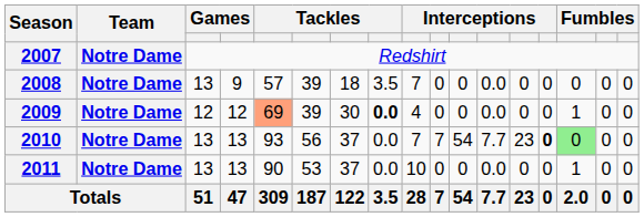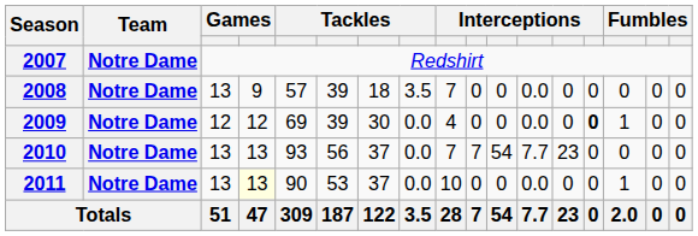 <table class="wikitable" style="text-align:center;">
 <tr>
 <th rowspan="2">Season</th>
 <th rowspan="2">Team</th>
 <th colspan="2">Games</th>
 <th colspan="4">Tackles</th>
 <th colspan="6">Interceptions</th>
 <th colspan="3">Fumbles</th>
 </tr>
 <tr>
 <th></th>
 <th></th>
 <th></th>
 <th></th>
 <th></th>
 <th></th>
 <th></th>
 <th></th>
 <th></th>
 <th></th>
 <th></th>
 <th></th>
 <th></th>
 <th></th>
 <th></th>
 </tr>
 <tr>
 <th><a href='#'>2007</a></th>
 <th><a href='#'>Notre Dame</a></th>
 <td colspan="15"> <em><a href='#'>Redshirt</a></em></td>
 </tr>
 <tr>
 <th><a href='#'>2008</a></th>
 <th><a href='#'>Notre Dame</a></th>
 <td>13</td>
 <td>9</td>
 <td>57</td>
 <td>39</td>
 <td>18</td>
 <td>3.5</td>
 <td>7</td>
 <td>0</td>
 <td>0</td>
 <td>0.0</td>
 <td>0</td>
 <td>0</td>
 <td>0</td>
 <td>0</td>
 <td>0</td>
 </tr>
 <tr>
 <th><a href='#'>2009</a></th>
 <th><a href='#'>Notre Dame</a></th>
 <td>12</td>
 <td>12</td>
-<td style="background: lightsalmon;">69</td>
+<td>69</td>
 <td>39</td>
 <td>30</td>
-<td><strong>0.0</strong></td>
+<td>0.0</td>
 <td>4</td>
 <td>0</td>
 <td>0</td>
 <td>0.0</td>
 <td>0</td>
-<td>0</td>
+<td><strong>0</strong></td>
 <td>1</td>
 <td>0</td>
 <td>0</td>
 </tr>
 <tr>
 <th><a href='#'>2010</a></th>
 <th><a href='#'>Notre Dame</a></th>
 <td>13</td>
 <td>13</td>
 <td>93</td>
 <td>56</td>
 <td>37</td>
 <td>0.0</td>
 <td>7</td>
 <td>7</td>
 <td>54</td>
 <td>7.7</td>
 <td>23</td>
-<td><strong>0</strong></td>
-<td style="background: lightgreen;">0</td>
+<td>0</td>
+<td>0</td>
 <td>0</td>
 <td>0</td>
 </tr>
 <tr>
 <th><a href='#'>2011</a></th>
 <th><a href='#'>Notre Dame</a></th>
 <td>13</td>
-<td>13</td>
+<td style="background: lightyellow;">13</td>
 <td>90</td>
 <td>53</td>
 <td>37</td>
 <td>0.0</td>
 <td>10</td>
 <td>0</td>
 <td>0</td>
 <td>0.0</td>
 <td>0</td>
 <td>0</td>
 <td>1</td>
 <td>0</td>
 <td>0</td>
 </tr>
 <tr>
 <th colspan="2">Totals</th>
 <th>51</th>
 <th>47</th>
 <th>309</th>
 <th>187</th>
 <th>122</th>
 <th>3.5</th>
 <th>28</th>
 <th>7</th>
 <th>54</th>
 <th>7.7</th>
 <th>23</th>
 <th>0</th>
 <th>2.0</th>
 <th>0</th>
 <th>0</th>
 </tr>
 </table>
